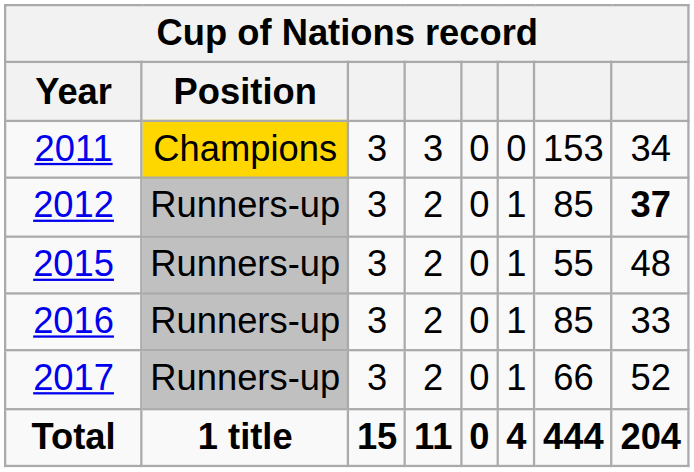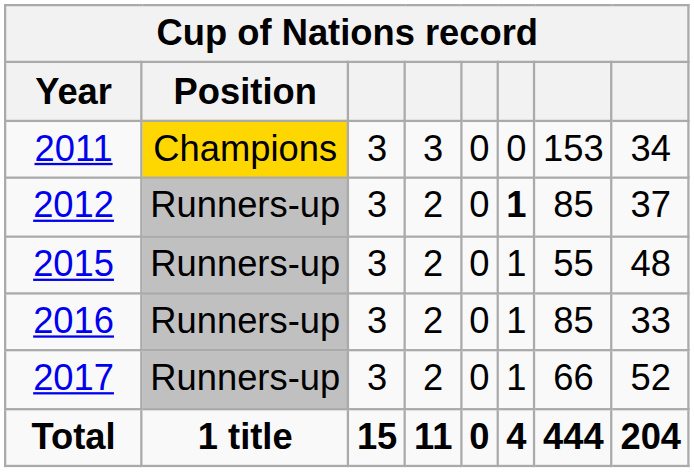 <table class="wikitable" style="text-align: center;">
 <tr>
 <th colspan=8>Cup of Nations record</th>
 </tr>
 <tr>
 <th width=20%>Year</th>
 <th>Position</th>
 <th></th>
 <th></th>
 <th></th>
 <th></th>
 <th></th>
 <th></th>
 </tr>
 <tr>
 <td> <a href='#'>2011</a></td>
 <td bgcolor=Gold>Champions</td>
 <td>3</td>
 <td>3</td>
 <td>0</td>
 <td>0</td>
 <td>153</td>
 <td>34</td>
 </tr>
 <tr>
 <td> <a href='#'>2012</a></td>
 <td bgcolor=Silver>Runners-up</td>
 <td>3</td>
 <td>2</td>
 <td>0</td>
-<td>1</td>
+<td><strong>1</strong></td>
 <td>85</td>
-<td><strong>37</strong></td>
+<td>37</td>
 </tr>
 <tr>
 <td> <a href='#'>2015</a></td>
 <td bgcolor=Silver>Runners-up</td>
 <td>3</td>
 <td>2</td>
 <td>0</td>
 <td>1</td>
 <td>55</td>
 <td>48</td>
 </tr>
 <tr>
 <td> <a href='#'>2016</a></td>
 <td bgcolor=Silver>Runners-up</td>
 <td>3</td>
 <td>2</td>
 <td>0</td>
 <td>1</td>
 <td>85</td>
 <td>33</td>
 </tr>
 <tr>
 <td> <a href='#'>2017</a></td>
 <td bgcolor=Silver>Runners-up</td>
 <td>3</td>
 <td>2</td>
 <td>0</td>
 <td>1</td>
 <td>66</td>
 <td>52</td>
 </tr>
 <tr>
 <td><strong>Total</strong></td>
 <td><strong>1 title</strong></td>
 <td><strong>15</strong></td>
 <td><strong>11</strong></td>
 <td><strong>0</strong></td>
 <td><strong>4</strong></td>
 <td><strong>444</strong></td>
 <td><strong>204</strong></td>
 </tr>
 </table>
